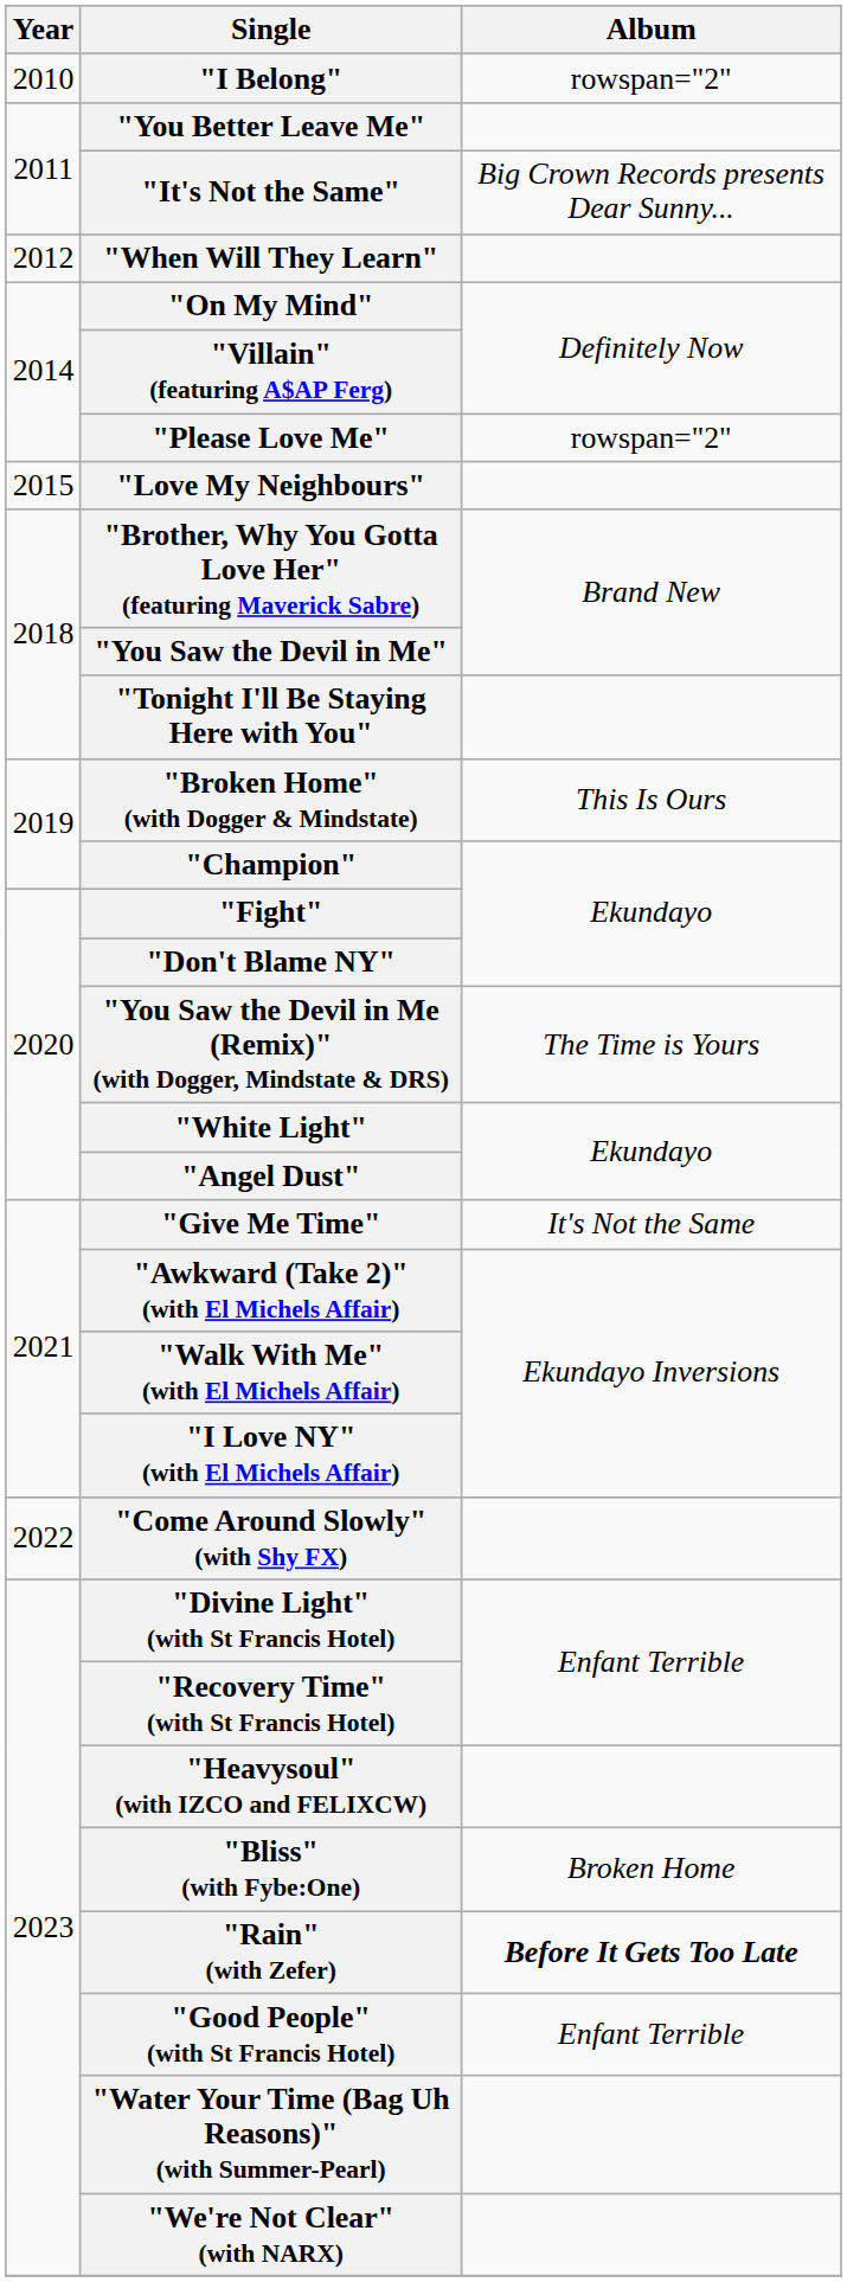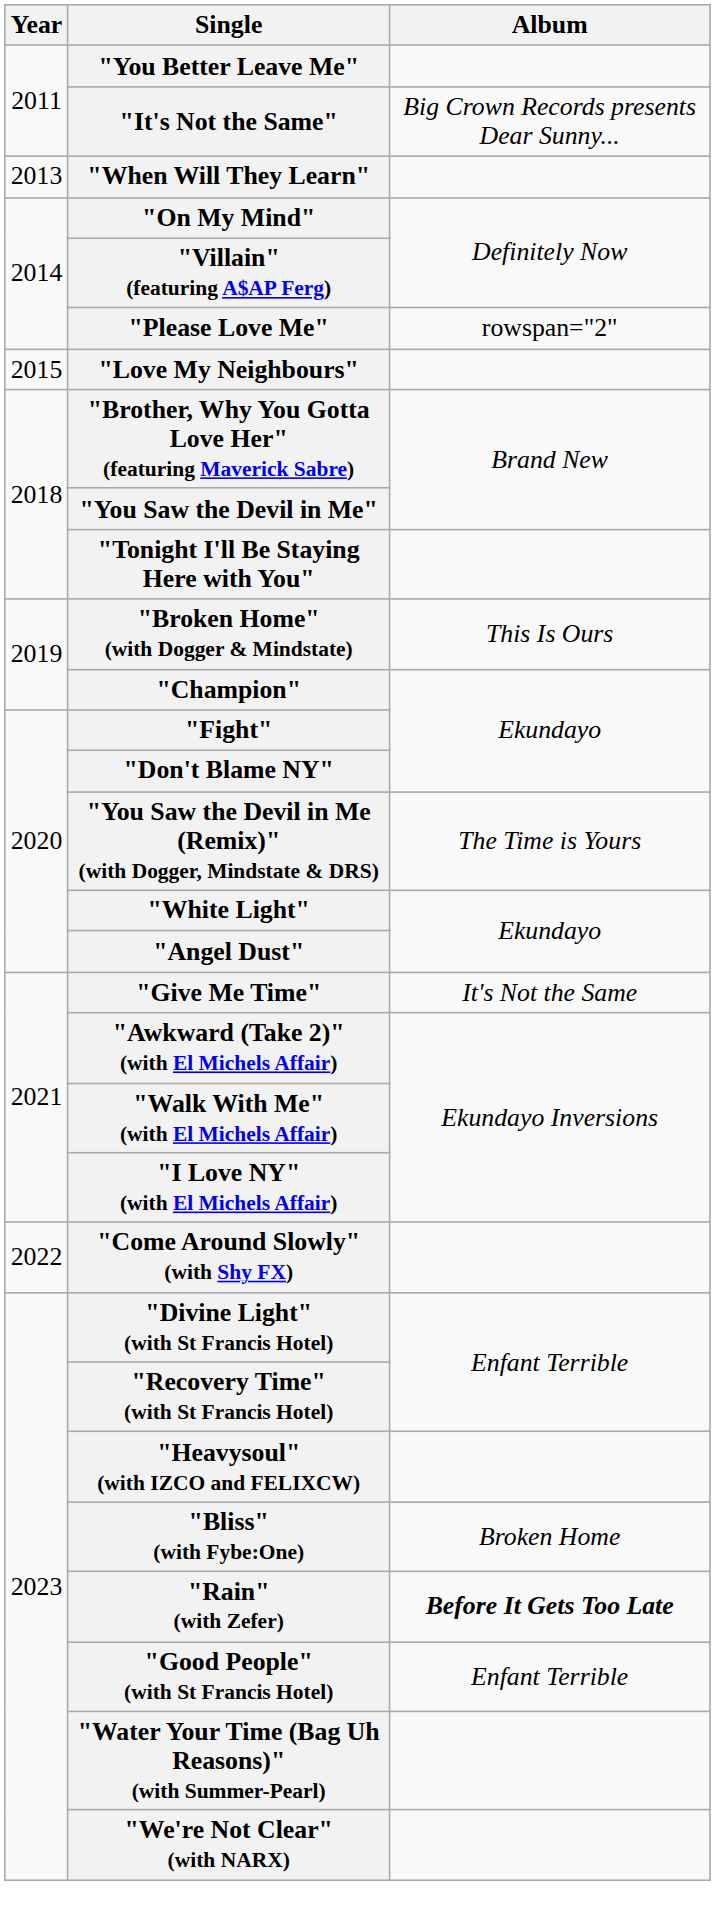 <table class="wikitable plainrowheaders" style="text-align:center;">
 <tr>
 <th scope="col" style="width:2em;">Year</th>
 <th scope="col" style="width:12em;">Single</th>
 <th scope="col" style="width:12em;">Album</th>
-</tr>
-<tr>
-<td>2010</td>
-<th scope="row">"I Belong" </th>
-<td>rowspan="2" </td>
 </tr>
 <tr>
 <td rowspan="2">2011</td>
 <th scope="row">"You Better Leave Me"</th>
 </tr>
 <tr>
 <th scope="row">"It's Not the Same"</th>
 <td><em>Big Crown Records presents Dear Sunny...</em></td>
 </tr>
 <tr>
-<td>2012</td>
+<td>2013</td>
 <th scope="row">"When Will They Learn"</th>
 <td></td>
 </tr>
 <tr>
 <td rowspan="3">2014</td>
 <th scope="row">"On My Mind"</th>
 <td rowspan="2"><em>Definitely Now</em></td>
 </tr>
 <tr>
 <th scope="row">"Villain"<br><small>(featuring <a href='#'>A$AP Ferg</a>)</small></th>
 </tr>
 <tr>
 <th scope="row">"Please Love Me"</th>
 <td>rowspan="2" </td>
 </tr>
 <tr>
 <td>2015</td>
 <th scope="row">"Love My Neighbours"</th>
 </tr>
 <tr>
 <td rowspan="3">2018</td>
 <th scope="row">"Brother, Why You Gotta Love Her"<br><small>(featuring <a href='#'>Maverick Sabre</a>)</small></th>
 <td rowspan="2"><em>Brand New</em></td>
 </tr>
 <tr>
 <th scope="row">"You Saw the Devil in Me"</th>
 </tr>
 <tr>
 <th scope="row">"Tonight I'll Be Staying Here with You"</th>
 <td></td>
 </tr>
 <tr>
 <td rowspan="2">2019</td>
 <th scope="row">"Broken Home"<br><small>(with Dogger & Mindstate)</small></th>
 <td><em>This Is Ours</em></td>
 </tr>
 <tr>
 <th scope="row">"Champion"</th>
 <td rowspan="3"><em>Ekundayo</em></td>
 </tr>
 <tr>
 <td rowspan="5">2020</td>
 <th scope="row">"Fight"</th>
 </tr>
 <tr>
 <th scope="row">"Don't Blame NY"</th>
 </tr>
 <tr>
 <th scope="row">"You Saw the Devil in Me (Remix)"<br><small>(with Dogger, Mindstate & DRS)</small></th>
 <td><em>The Time is Yours</em></td>
 </tr>
 <tr>
 <th scope="row">"White Light"</th>
 <td rowspan="2"><em>Ekundayo</em></td>
 </tr>
 <tr>
 <th scope="row">"Angel Dust"</th>
 </tr>
 <tr>
 <td rowspan="4">2021</td>
 <th scope="row">"Give Me Time"</th>
 <td><em>It's Not the Same</em></td>
 </tr>
 <tr>
 <th scope="row">"Awkward (Take 2)"<br><small>(with <a href='#'>El Michels Affair</a>)</small></th>
 <td rowspan="3"><em>Ekundayo Inversions</em></td>
 </tr>
 <tr>
 <th scope="row">"Walk With Me"<br><small>(with <a href='#'>El Michels Affair</a>)</small></th>
 </tr>
 <tr>
 <th scope="row">"I Love NY"<br><small>(with <a href='#'>El Michels Affair</a>)</small></th>
 </tr>
 <tr>
 <td>2022</td>
 <th scope="row">"Come Around Slowly"<br><small>(with <a href='#'>Shy FX</a>)</small></th>
 <td></td>
 </tr>
 <tr>
 <td rowspan="8">2023</td>
 <th scope="row">"Divine Light"<br><small>(with St Francis Hotel)</small></th>
 <td rowspan="2"><em>Enfant Terrible</em></td>
 </tr>
 <tr>
 <th scope="row">"Recovery Time"<br><small>(with St Francis Hotel)</small></th>
 </tr>
 <tr>
 <th scope="row">"Heavysoul"<br><small>(with IZCO and FELIXCW)</small></th>
 <td></td>
 </tr>
 <tr>
 <th scope="row">"Bliss"<br><small>(with Fybe:One)</small></th>
 <td><em>Broken Home</em></td>
 </tr>
 <tr>
 <th scope="row">"Rain"<br><small>(with Zefer)</small></th>
 <td><strong><em>Before It Gets Too Late</em></strong></td>
 </tr>
 <tr>
 <th scope="row">"Good People"<br><small>(with St Francis Hotel)</small></th>
 <td><em>Enfant Terrible</em></td>
 </tr>
 <tr>
 <th scope="row">"Water Your Time (Bag Uh Reasons)"<br><small>(with Summer-Pearl)</small></th>
 <td></td>
 </tr>
 <tr>
 <th scope="row">"We're Not Clear"<br><small>(with NARX)</small></th>
 <td></td>
 </tr>
 <tr>
 </tr>
 </table>
